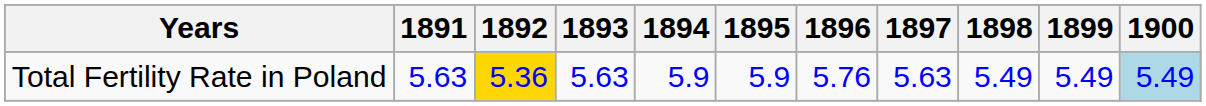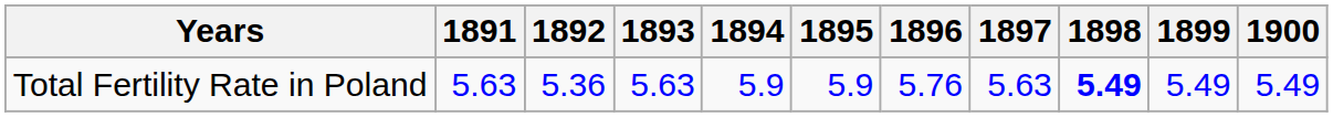 <table class="wikitable " style="text-align:right">
 <tr>
 <th>Years</th>
 <th>1891</th>
 <th>1892</th>
 <th>1893</th>
 <th>1894</th>
 <th>1895</th>
 <th>1896</th>
 <th>1897</th>
 <th>1898</th>
 <th>1899</th>
 <th>1900</th>
 </tr>
 <tr>
 <td align="left">Total Fertility Rate in Poland</td>
 <td style="text-align:right; color:blue;">5.63</td>
-<td style="background: gold; text-align:right; color:blue;">5.36</td>
+<td style="text-align:right; color:blue;">5.36</td>
 <td style="text-align:right; color:blue;">5.63</td>
 <td style="text-align:right; color:blue;">5.9</td>
 <td style="text-align:right; color:blue;">5.9</td>
 <td style="text-align:right; color:blue;">5.76</td>
 <td style="text-align:right; color:blue;">5.63</td>
+<td style="text-align:right; color:blue;"><strong>5.49</strong></td>
 <td style="text-align:right; color:blue;">5.49</td>
 <td style="text-align:right; color:blue;">5.49</td>
-<td style="background: lightblue; text-align:right; color:blue;">5.49</td>
 </tr>
 </table>
